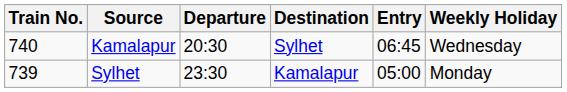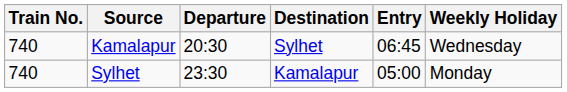 <table class="wikitable">
 <tr>
 <th>Train No.</th>
 <th>Source</th>
 <th>Departure</th>
 <th>Destination</th>
 <th>Entry</th>
 <th>Weekly Holiday</th>
 </tr>
 <tr>
 <td>740</td>
 <td><a href='#'>Kamalapur</a></td>
 <td>20:30</td>
 <td><a href='#'>Sylhet</a></td>
 <td>06:45</td>
 <td>Wednesday</td>
 </tr>
 <tr>
-<td>739</td>
+<td>740</td>
 <td><a href='#'>Sylhet</a></td>
 <td>23:30</td>
 <td><a href='#'>Kamalapur</a></td>
 <td>05:00</td>
 <td>Monday</td>
 </tr>
 </table>
